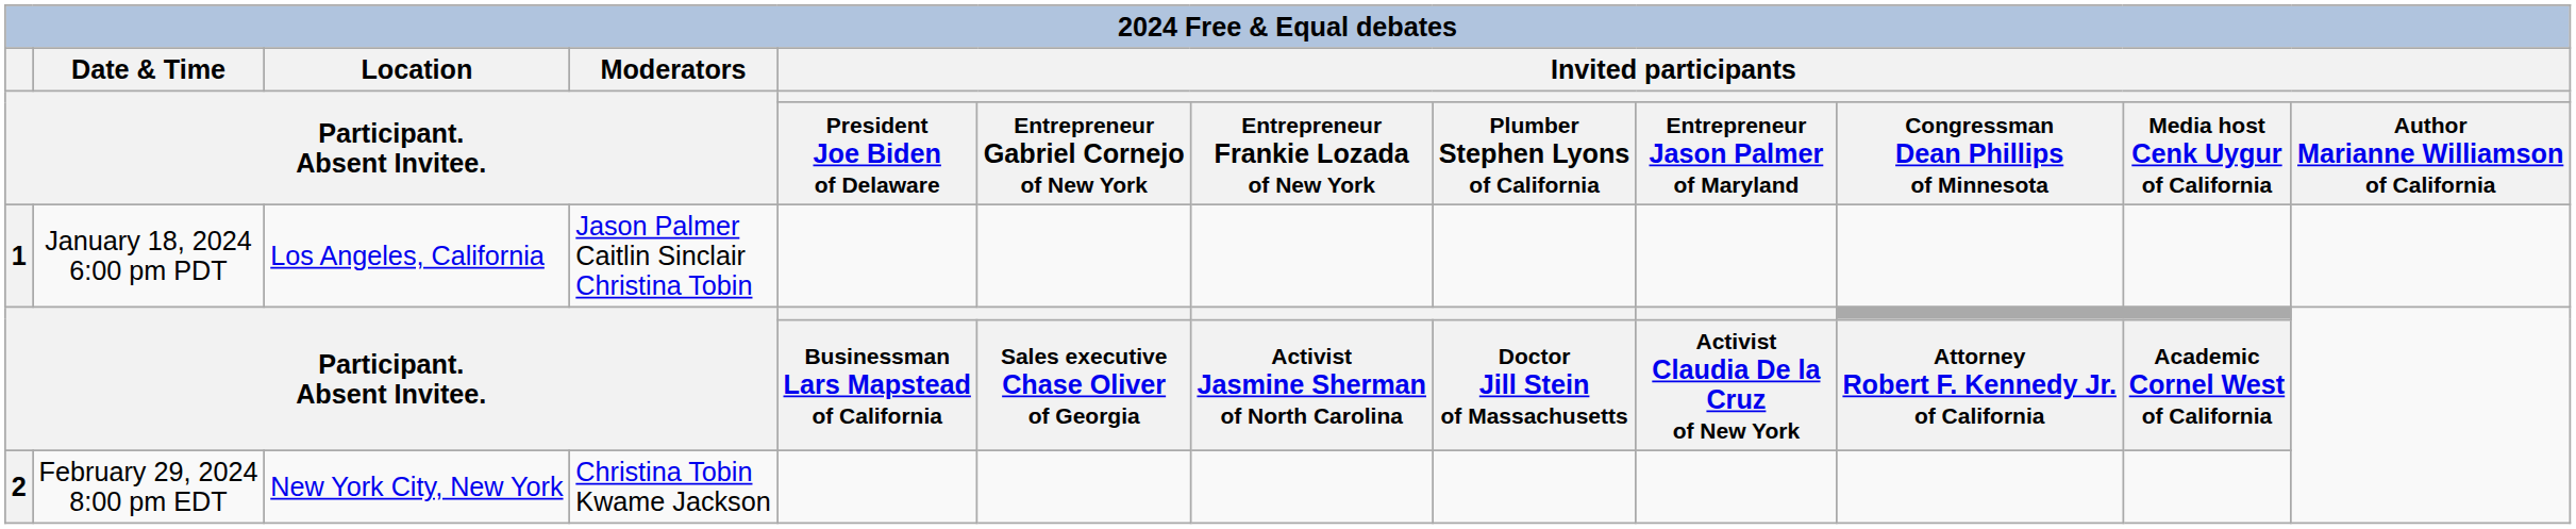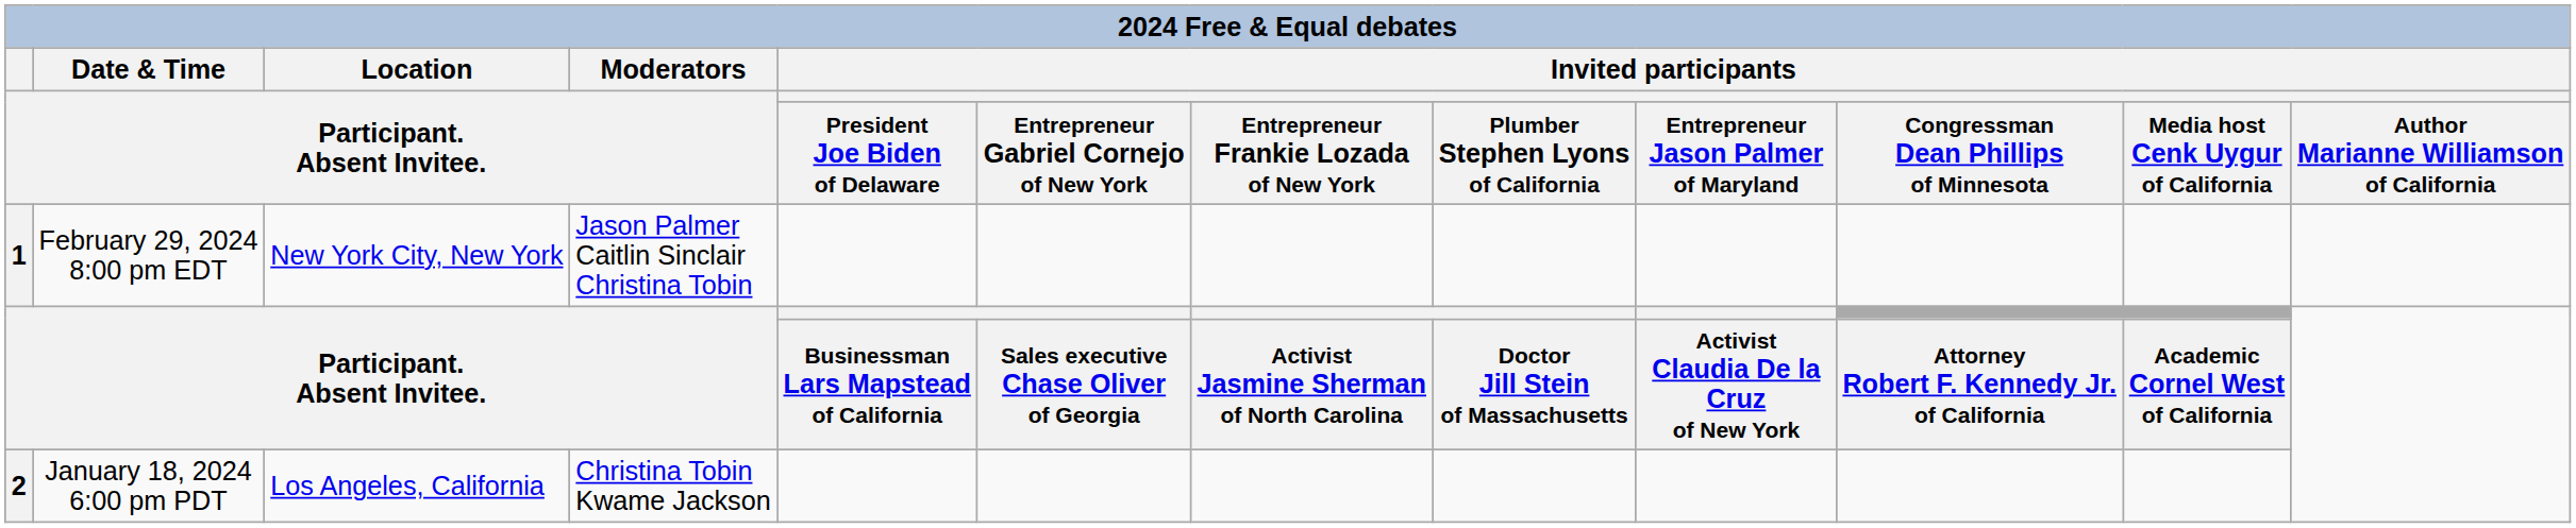 <table class="wikitable" style="font-size:90%">
 <tr>
 <th style="background:#B0C4DE" colspan="14">2024 Free & Equal debates</th>
 </tr>
 <tr>
 <th></th>
 <th>Date & Time</th>
 <th>Location</th>
 <th>Moderators</th>
 <th scope="col" colspan="10">Invited participants</th>
 </tr>
 <tr>
 <th colspan="4" rowspan="2"> Participant.<br> Absent Invitee.</th>
 <th colspan="8" scope="col" style="width:56em; background:"><a href='#'></a></th>
 </tr>
 <tr>
 <th><small>President</small><br><a href='#'>Joe Biden</a><br><small>of Delaware</small></th>
 <th><small>Entrepreneur</small><br>Gabriel Cornejo<br><small>of New York</small></th>
 <th><small>Entrepreneur </small><br>Frankie Lozada<br><small>of New York</small></th>
 <th><small>Plumber</small><br>Stephen Lyons<br><small>of California</small></th>
 <th><small>Entrepreneur</small><br><a href='#'>Jason Palmer</a><br><small>of Maryland</small></th>
 <th><small>Congressman</small><br><a href='#'>Dean Phillips</a><br><small>of Minnesota</small></th>
 <th><small>Media host</small><br><a href='#'>Cenk Uygur</a><br><small>of California</small></th>
 <th><small>Author</small><br><a href='#'>Marianne Williamson</a><br><small>of California</small></th>
 </tr>
 <tr>
 <th>1</th>
-<td style="white-space:nowrap; text-align:center;">January 18, 2024<br>6:00 pm PDT</td>
-<td><a href='#'>Los Angeles, California</a></td>
+<td style="white-space:nowrap; text-align:center;">February 29, 2024<br>8:00 pm EDT</td>
+<td><a href='#'>New York City, New York</a></td>
 <td><a href='#'>Jason Palmer</a><br>Caitlin Sinclair<br><a href='#'>Christina Tobin</a></td>
 <td></td>
 <td></td>
 <td></td>
 <td></td>
 <td></td>
 <td></td>
 <td></td>
 <td></td>
 </tr>
 <tr>
 <th colspan="4" rowspan="2"> Participant.<br> Absent Invitee.</th>
 <th colspan="2" scope="col" style="width:14em; background:"><a href='#'></a></th>
 <th colspan="2" scope="col" style="width:14em; background:"><a href='#'></a></th>
 <th scope="col" style="width:7em; background:"><a href='#'></a></th>
 <th colspan="2" scope="col" style="width:14em; background:#AAAAAA;"><em><a href='#'></a></em></th>
 </tr>
 <tr>
 <th><small>Businessman</small><br><a href='#'>Lars Mapstead</a> <br><small>of California</small></th>
 <th><small>Sales executive</small><br><a href='#'>Chase Oliver</a><br><small>of Georgia</small></th>
 <th><small>Activist</small><br><a href='#'>Jasmine Sherman</a><br><small>of North Carolina</small></th>
 <th><small>Doctor</small><br><a href='#'>Jill Stein</a><br><small>of Massachusetts</small></th>
 <th><small>Activist</small><br><a href='#'>Claudia De la Cruz</a><br><small>of New York</small></th>
 <th><small>Attorney</small><br><a href='#'>Robert F. Kennedy Jr.</a><br><small>of California</small></th>
 <th><small>Academic</small><br><a href='#'>Cornel West</a><br><small>of California</small></th>
 </tr>
 <tr>
 <th>2</th>
-<td style="white-space:nowrap; text-align:center;">February 29, 2024<br>8:00 pm EDT</td>
-<td><a href='#'>New York City, New York</a></td>
+<td style="white-space:nowrap; text-align:center;">January 18, 2024<br>6:00 pm PDT</td>
+<td><a href='#'>Los Angeles, California</a></td>
 <td><a href='#'>Christina Tobin</a><br>Kwame Jackson</td>
 <td></td>
 <td></td>
 <td></td>
 <td></td>
 <td></td>
 <td></td>
 <td></td>
 </tr>
 </table>
